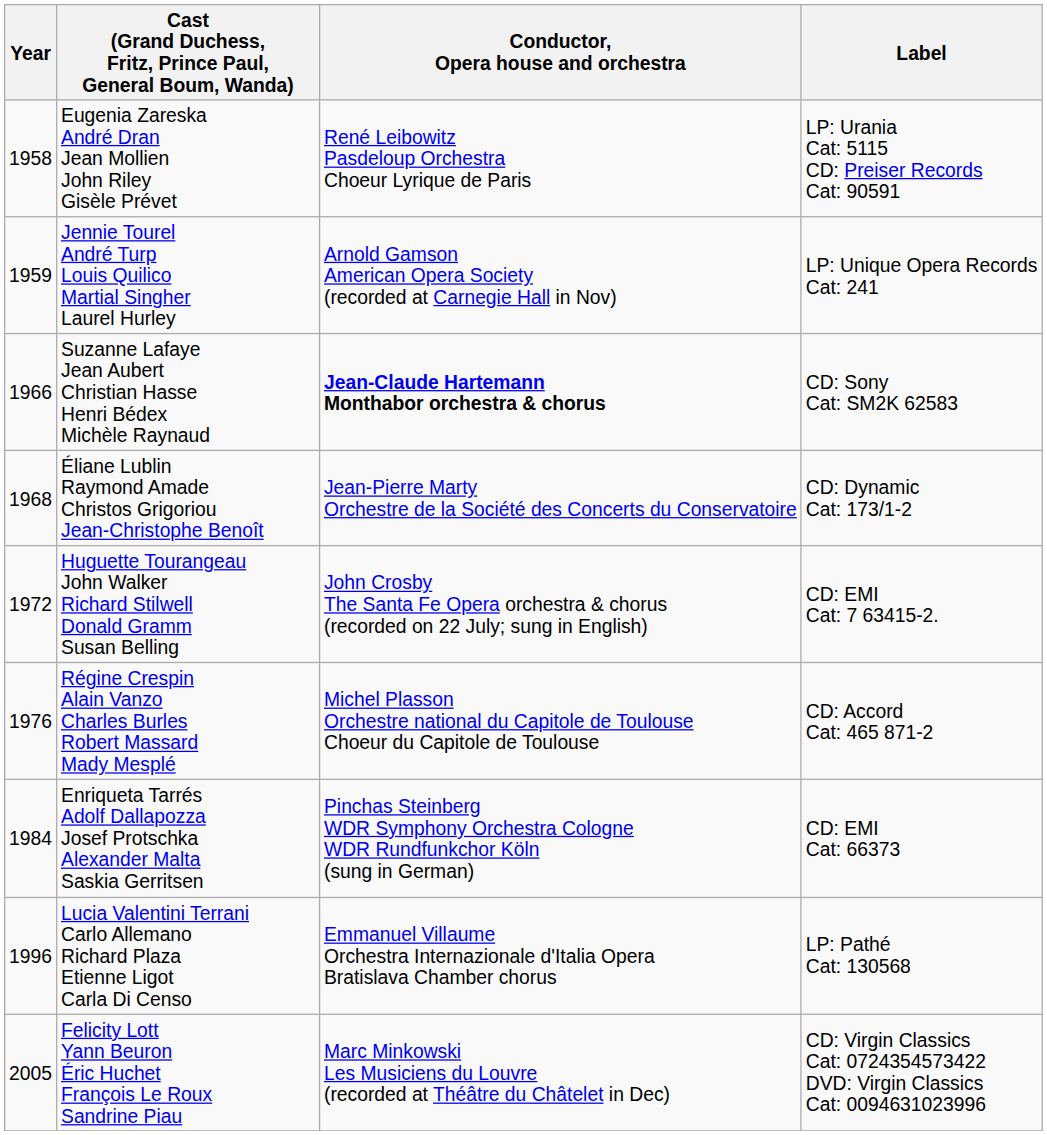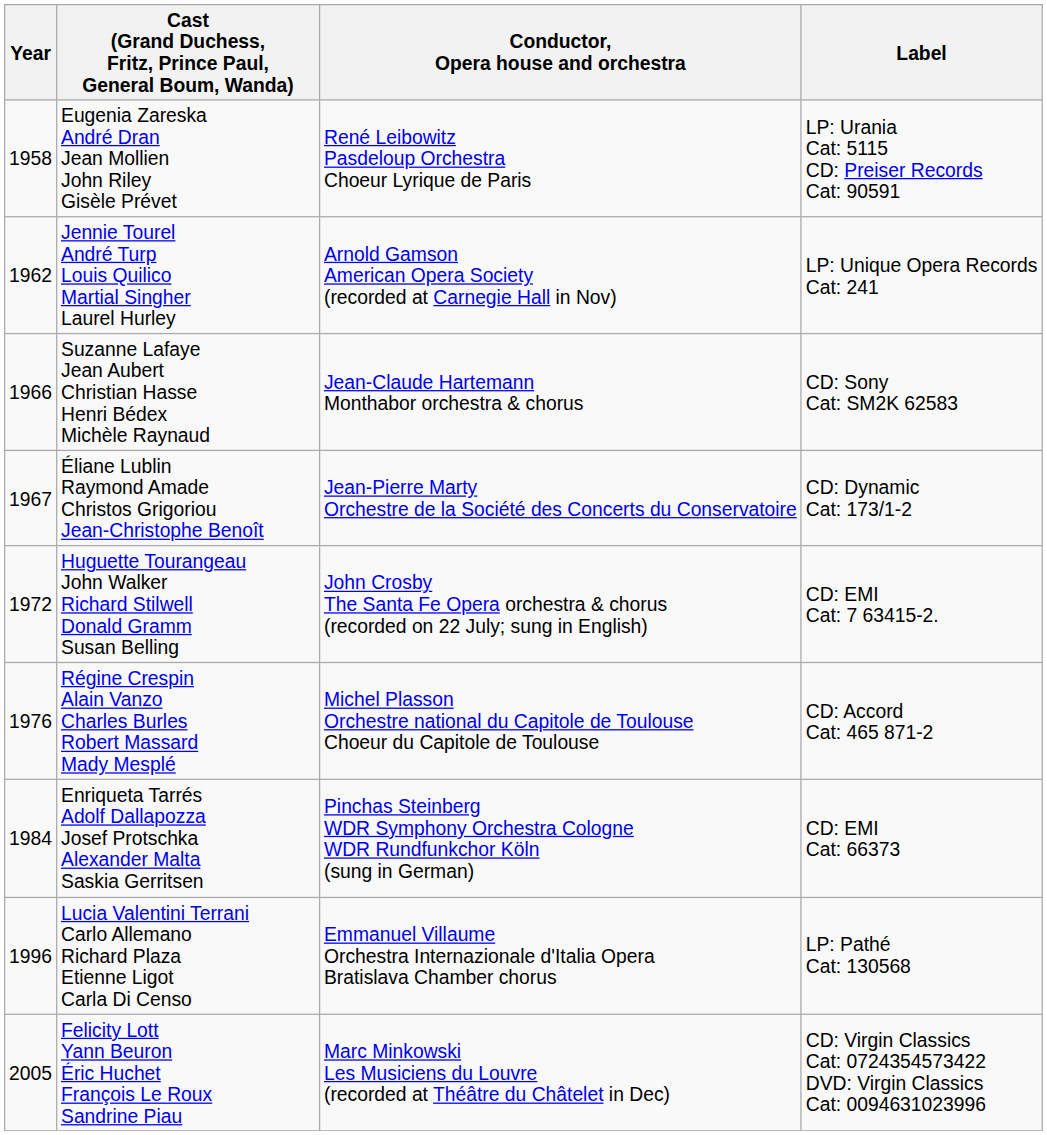 <table class="wikitable" style="font-size:95%;">
 <tr>
 <th>Year</th>
 <th width="200">Cast<br>(Grand Duchess,<br>Fritz, Prince Paul,<br>General Boum, Wanda)</th>
 <th>Conductor,<br>Opera house and orchestra</th>
 <th>Label</th>
 </tr>
 <tr>
 <td>1958</td>
 <td>Eugenia Zareska<br><a href='#'>André Dran</a><br>Jean Mollien<br>John Riley<br>Gisèle Prévet</td>
 <td><a href='#'>René Leibowitz</a><br><a href='#'>Pasdeloup Orchestra</a><br>Choeur Lyrique de Paris</td>
 <td>LP: Urania<br>Cat: 5115<br>CD: <a href='#'>Preiser Records</a><br>Cat: 90591</td>
 </tr>
 <tr>
-<td>1959</td>
+<td>1962</td>
 <td><a href='#'>Jennie Tourel</a><br><a href='#'>André Turp</a><br><a href='#'>Louis Quilico</a><br><a href='#'>Martial Singher</a><br>Laurel Hurley</td>
 <td><a href='#'>Arnold Gamson</a><br><a href='#'>American Opera Society</a><br>(recorded at <a href='#'>Carnegie Hall</a> in Nov)</td>
 <td>LP: Unique Opera Records<br>Cat: 241</td>
 </tr>
 <tr>
 <td>1966</td>
 <td>Suzanne Lafaye<br>Jean Aubert<br>Christian Hasse<br>Henri Bédex<br>Michèle Raynaud</td>
-<td><strong><a href='#'>Jean-Claude Hartemann</a><br>Monthabor orchestra & chorus</strong></td>
+<td><a href='#'>Jean-Claude Hartemann</a><br>Monthabor orchestra & chorus</td>
 <td>CD: Sony<br>Cat: SM2K 62583</td>
 </tr>
 <tr>
-<td>1968</td>
+<td>1967</td>
 <td>Éliane Lublin<br>Raymond Amade<br>Christos Grigoriou<br><a href='#'>Jean-Christophe Benoît</a></td>
 <td><a href='#'>Jean-Pierre Marty</a><br><a href='#'>Orchestre de la Société des Concerts du Conservatoire</a></td>
 <td>CD: Dynamic<br>Cat: 173/1-2</td>
 </tr>
 <tr>
 <td>1972</td>
 <td><a href='#'>Huguette Tourangeau</a><br>John Walker<br><a href='#'>Richard Stilwell</a><br><a href='#'>Donald Gramm</a><br>Susan Belling</td>
 <td><a href='#'>John Crosby</a><br><a href='#'>The Santa Fe Opera</a> orchestra & chorus<br>(recorded on 22 July; sung in English)</td>
 <td>CD: EMI<br>Cat: 7 63415-2.</td>
 </tr>
 <tr>
 <td>1976</td>
 <td><a href='#'>Régine Crespin</a><br><a href='#'>Alain Vanzo</a><br><a href='#'>Charles Burles</a><br><a href='#'>Robert Massard</a><br><a href='#'>Mady Mesplé</a></td>
 <td><a href='#'>Michel Plasson</a><br><a href='#'>Orchestre national du Capitole de Toulouse</a><br>Choeur du Capitole de Toulouse</td>
 <td>CD: Accord<br>Cat: 465 871-2</td>
 </tr>
 <tr>
 <td>1984</td>
 <td>Enriqueta Tarrés<br><a href='#'>Adolf Dallapozza</a><br>Josef Protschka<br><a href='#'>Alexander Malta</a><br>Saskia Gerritsen</td>
 <td><a href='#'>Pinchas Steinberg</a><br><a href='#'>WDR Symphony Orchestra Cologne</a><br><a href='#'>WDR Rundfunkchor Köln</a><br>(sung in German)</td>
 <td>CD: EMI<br>Cat: 66373</td>
 </tr>
 <tr>
 <td>1996</td>
 <td><a href='#'>Lucia Valentini Terrani</a><br>Carlo Allemano<br>Richard Plaza<br>Etienne Ligot<br>Carla Di Censo</td>
 <td><a href='#'>Emmanuel Villaume</a><br>Orchestra Internazionale d'Italia Opera<br>Bratislava Chamber chorus</td>
 <td>LP: Pathé<br>Cat: 130568</td>
 </tr>
 <tr>
 <td>2005</td>
 <td><a href='#'>Felicity Lott</a><br><a href='#'>Yann Beuron</a><br><a href='#'>Éric Huchet</a><br><a href='#'>François Le Roux</a><br><a href='#'>Sandrine Piau</a></td>
 <td><a href='#'>Marc Minkowski</a><br><a href='#'>Les Musiciens du Louvre</a><br>(recorded at <a href='#'>Théâtre du Châtelet</a> in Dec)</td>
 <td>CD: Virgin Classics<br>Cat: 0724354573422<br>DVD: Virgin Classics<br>Cat: 0094631023996</td>
 </tr>
 <tr>
 </tr>
 </table>
